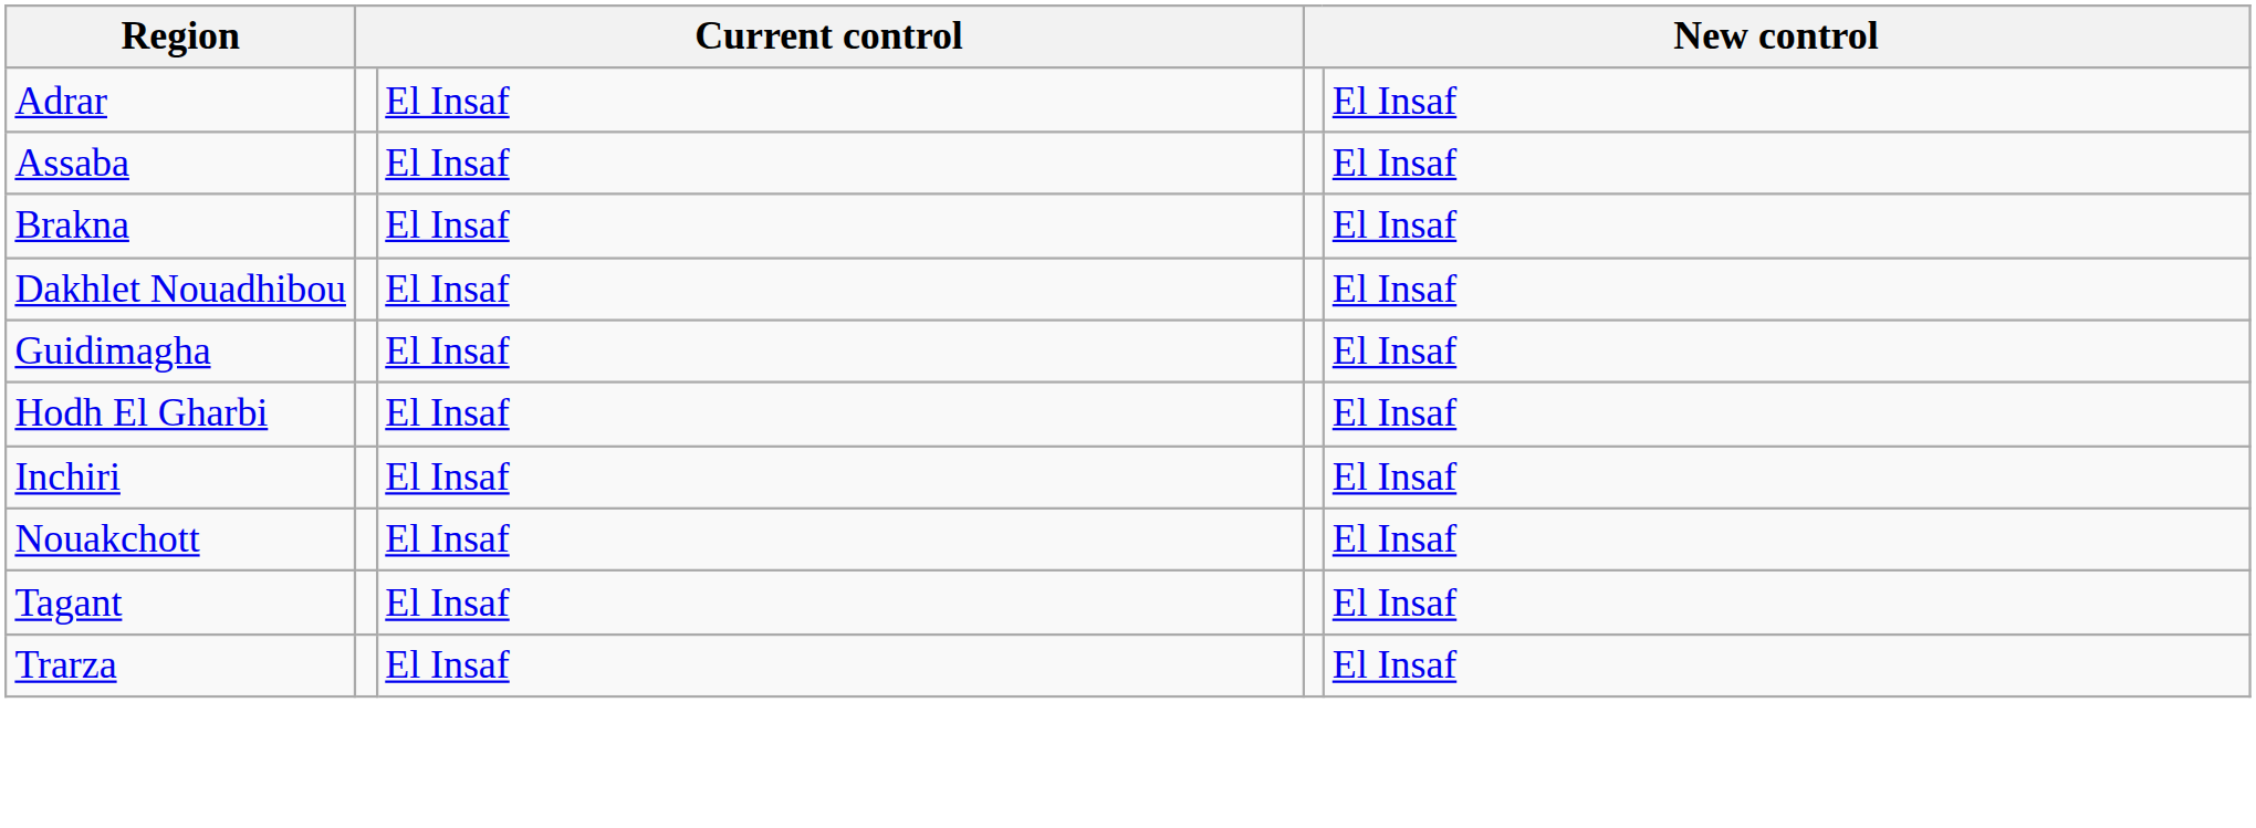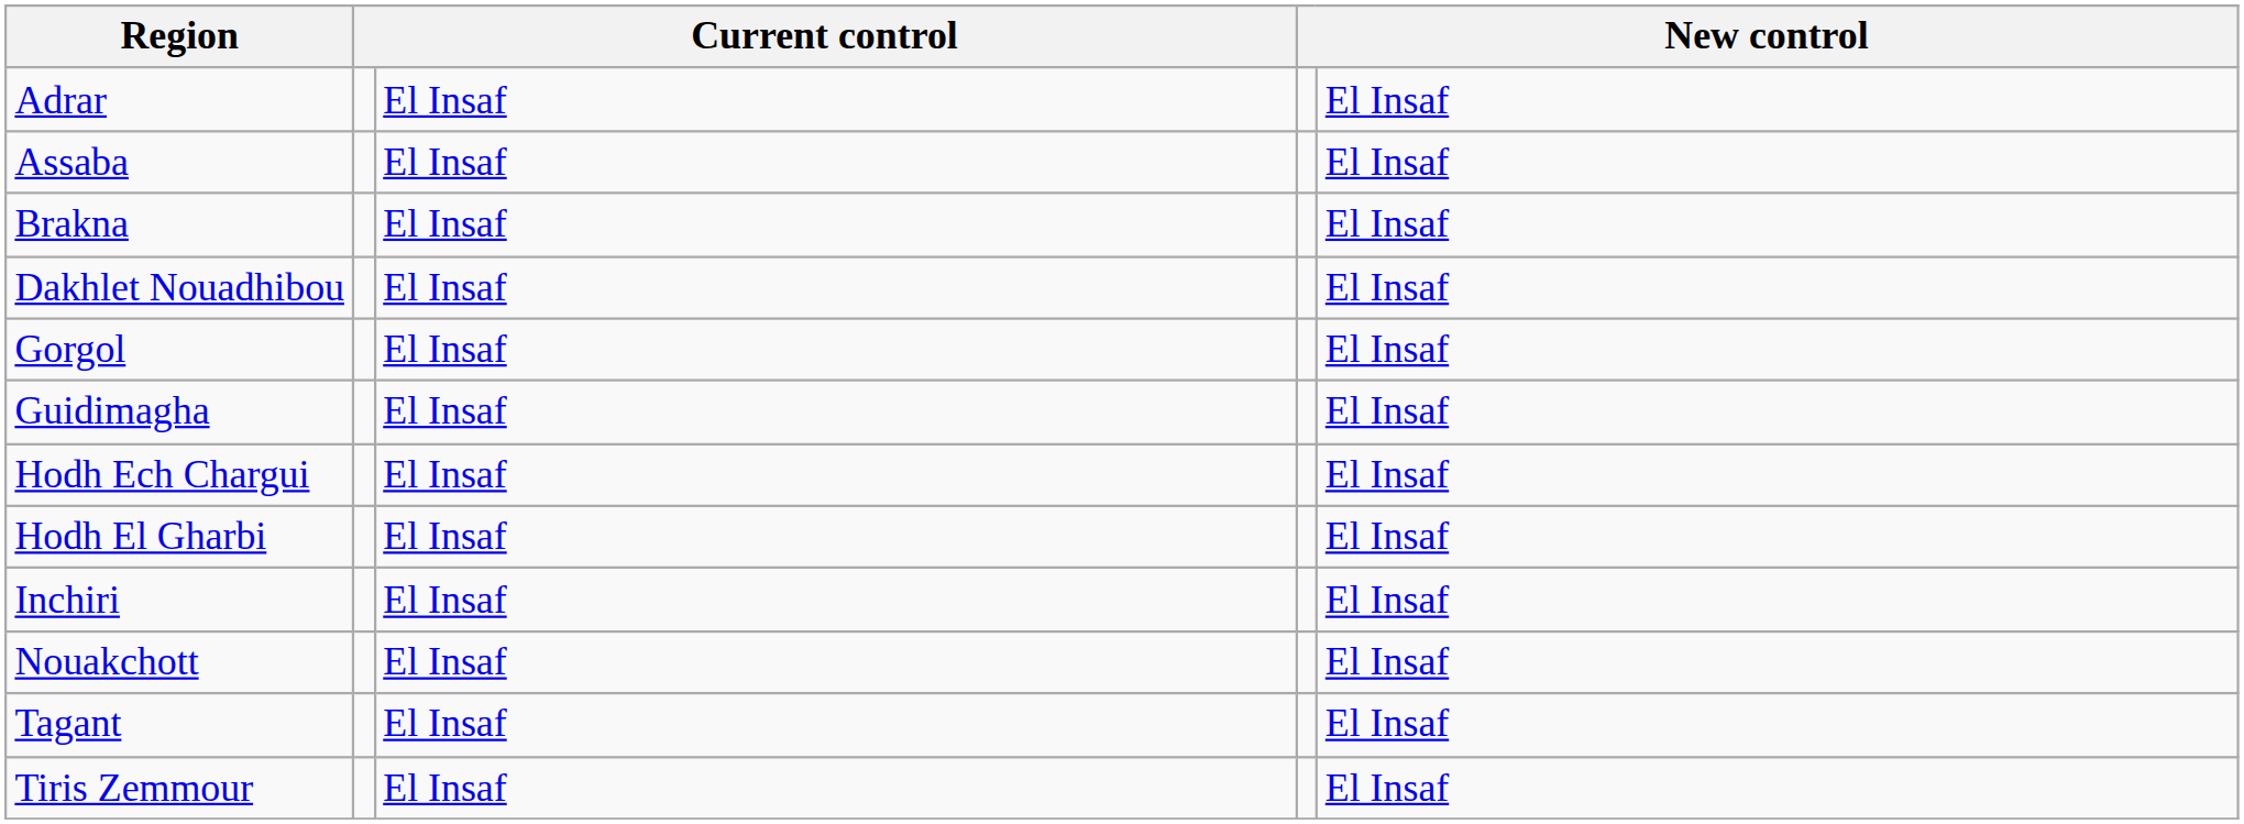 <table class="wikitable">
 <tr>
 <th>Region</th>
 <th colspan="2" style="width:375px;">Current control</th>
 <th colspan="2" style="width:375px;">New control</th>
 </tr>
 <tr>
 <td><a href='#'>Adrar</a></td>
 <td width="1" style="color:inherit;background:"></td>
 <td><a href='#'>El Insaf</a></td>
 <td width="1" style="color:inherit;background:"></td>
 <td><a href='#'>El Insaf</a></td>
 </tr>
 <tr>
 <td><a href='#'>Assaba</a></td>
 <td style="color:inherit;background:"></td>
 <td><a href='#'>El Insaf</a></td>
 <td width="1" style="color:inherit;background:"></td>
 <td><a href='#'>El Insaf</a></td>
 </tr>
 <tr>
 <td><a href='#'>Brakna</a></td>
 <td style="color:inherit;background:"></td>
 <td><a href='#'>El Insaf</a></td>
 <td width="1" style="color:inherit;background:"></td>
 <td><a href='#'>El Insaf</a></td>
 </tr>
 <tr>
 <td><a href='#'>Dakhlet Nouadhibou</a></td>
 <td style="color:inherit;background:"></td>
 <td><a href='#'>El Insaf</a></td>
 <td width="1" style="color:inherit;background:"></td>
 <td><a href='#'>El Insaf</a></td>
 </tr>
 <tr>
+<td><a href='#'>Gorgol</a></td>
+<td style="color:inherit;background:"></td>
+<td><a href='#'>El Insaf</a></td>
+<td width="1" style="color:inherit;background:"></td>
+<td><a href='#'>El Insaf</a></td>
+</tr>
+<tr>
 <td><a href='#'>Guidimagha</a></td>
 <td style="color:inherit;background:"></td>
 <td><a href='#'>El Insaf</a></td>
 <td style="color:inherit;background:"></td>
+<td><a href='#'>El Insaf</a></td>
+</tr>
+<tr>
+<td><a href='#'>Hodh Ech Chargui</a></td>
+<td style="color:inherit;background:"></td>
+<td><a href='#'>El Insaf</a></td>
+<td width="1" style="color:inherit;background:"></td>
 <td><a href='#'>El Insaf</a></td>
 </tr>
 <tr>
 <td><a href='#'>Hodh El Gharbi</a></td>
 <td style="color:inherit;background:"></td>
 <td><a href='#'>El Insaf</a></td>
 <td width="1" style="color:inherit;background:"></td>
 <td><a href='#'>El Insaf</a></td>
 </tr>
 <tr>
 <td><a href='#'>Inchiri</a></td>
 <td style="color:inherit;background:"></td>
 <td><a href='#'>El Insaf</a></td>
 <td width="1" style="color:inherit;background:"></td>
 <td><a href='#'>El Insaf</a></td>
 </tr>
 <tr>
 <td><a href='#'>Nouakchott</a></td>
 <td style="color:inherit;background:"></td>
 <td><a href='#'>El Insaf</a></td>
 <td width="1" style="color:inherit;background:"></td>
 <td><a href='#'>El Insaf</a></td>
 </tr>
 <tr>
 <td><a href='#'>Tagant</a></td>
 <td style="color:inherit;background:"></td>
 <td><a href='#'>El Insaf</a></td>
 <td width="1" style="color:inherit;background:"></td>
 <td><a href='#'>El Insaf</a></td>
 </tr>
 <tr>
-<td><a href='#'>Trarza</a></td>
+<td><a href='#'>Tiris Zemmour</a></td>
 <td style="color:inherit;background:"></td>
 <td><a href='#'>El Insaf</a></td>
-<td width="1" style="color:inherit;background:"></td>
+<td style="color:inherit;background:"></td>
 <td><a href='#'>El Insaf</a></td>
 </tr>
 </table>
